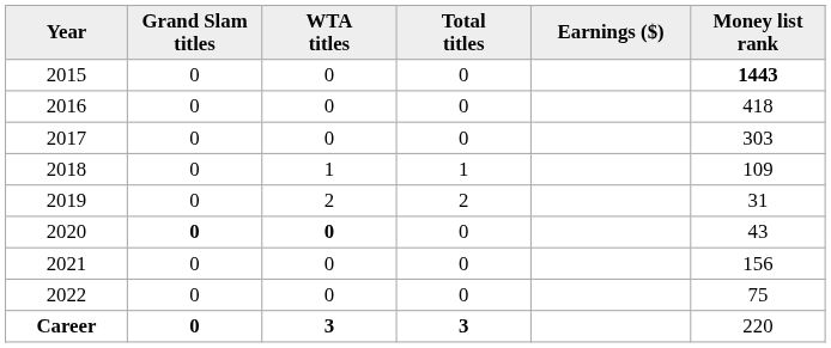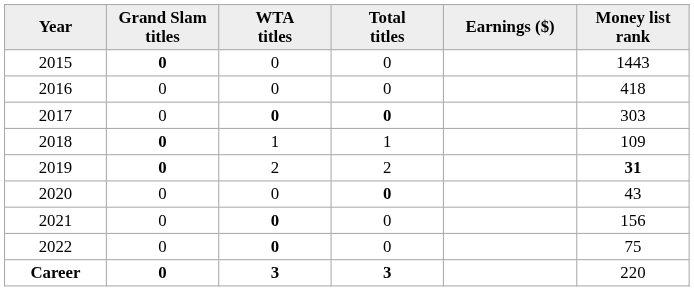 <table cellpadding=3 cellspacing=0 border=1 style=border:#aaa;solid:1px;border-collapse:collapse;text-align:center;>
 <tr style=background:#eee;font-weight:bold>
 <td width="90">Year</td>
 <td width="100">Grand Slam <br>titles</td>
 <td width="100">WTA <br>titles</td>
 <td width="100">Total <br>titles</td>
 <td width="120">Earnings ($)</td>
 <td width="100">Money list rank</td>
 </tr>
 <tr>
 <td>2015</td>
-<td>0</td>
+<td><strong>0</strong></td>
 <td>0</td>
 <td>0</td>
 <td align="right"></td>
-<td><strong>1443</strong></td>
+<td>1443</td>
 </tr>
 <tr>
 <td>2016</td>
 <td>0</td>
 <td>0</td>
 <td>0</td>
 <td align="right"></td>
 <td>418</td>
 </tr>
 <tr>
 <td>2017</td>
 <td>0</td>
-<td>0</td>
-<td>0</td>
+<td><strong>0</strong></td>
+<td><strong>0</strong></td>
 <td align="right"></td>
 <td>303</td>
 </tr>
 <tr>
 <td>2018</td>
-<td>0</td>
+<td><strong>0</strong></td>
 <td>1</td>
 <td>1</td>
 <td align="right"></td>
 <td>109</td>
 </tr>
 <tr>
 <td>2019</td>
-<td>0</td>
+<td><strong>0</strong></td>
 <td>2</td>
 <td>2</td>
 <td align="right"></td>
-<td>31</td>
+<td><strong>31</strong></td>
 </tr>
 <tr>
 <td>2020</td>
+<td>0</td>
+<td>0</td>
 <td><strong>0</strong></td>
-<td><strong>0</strong></td>
-<td>0</td>
 <td align="right"></td>
 <td>43</td>
 </tr>
 <tr>
 <td>2021</td>
 <td>0</td>
-<td>0</td>
+<td><strong>0</strong></td>
 <td>0</td>
 <td align="right"></td>
 <td>156</td>
 </tr>
 <tr>
 <td>2022</td>
 <td>0</td>
-<td>0</td>
+<td><strong>0</strong></td>
 <td>0</td>
 <td align="right"></td>
 <td>75</td>
 </tr>
 <tr>
 <td><strong>Career</strong></td>
 <td><strong>0</strong></td>
 <td><strong>3</strong></td>
 <td><strong>3</strong></td>
 <td align="right"></td>
 <td>220</td>
 </tr>
 </table>
